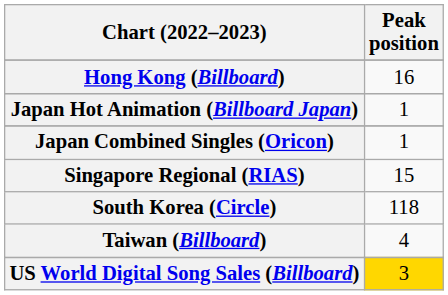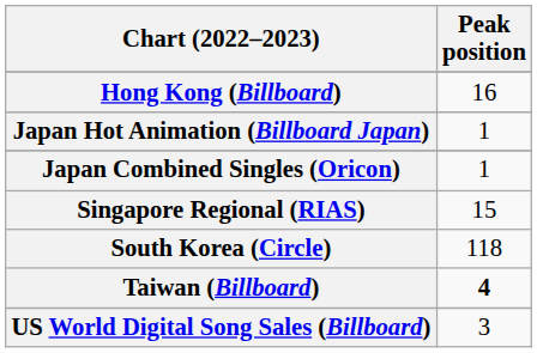 <table class="wikitable sortable plainrowheaders" style="text-align:center">
 <tr>
 <th scope="col">Chart (2022–2023)</th>
 <th scope="col">Peak<br>position</th>
 </tr>
 <tr>
 </tr>
 <tr>
 </tr>
 <tr>
 <th scope="row"><a href='#'>Hong Kong</a> (<em><a href='#'>Billboard</a></em>)</th>
 <td>16</td>
 </tr>
 <tr>
 </tr>
 <tr>
 <th scope="row">Japan Hot Animation (<em><a href='#'>Billboard Japan</a></em>)</th>
 <td>1</td>
 </tr>
 <tr>
 </tr>
 <tr>
 <th scope="row">Japan Combined Singles (<a href='#'>Oricon</a>)</th>
 <td>1</td>
 </tr>
 <tr>
 <th scope="row">Singapore Regional (<a href='#'>RIAS</a>)</th>
 <td>15</td>
 </tr>
 <tr>
 <th scope="row">South Korea (<a href='#'>Circle</a>)</th>
 <td>118</td>
 </tr>
 <tr>
 <th scope="row">Taiwan (<em><a href='#'>Billboard</a></em>)</th>
-<td>4</td>
+<td><strong>4</strong></td>
 </tr>
 <tr>
 </tr>
 <tr>
 </tr>
 <tr>
 <th scope="row">US <a href='#'>World Digital Song Sales</a> (<em><a href='#'>Billboard</a></em>)</th>
-<td style="background: gold;">3</td>
+<td>3</td>
 </tr>
 </table>
